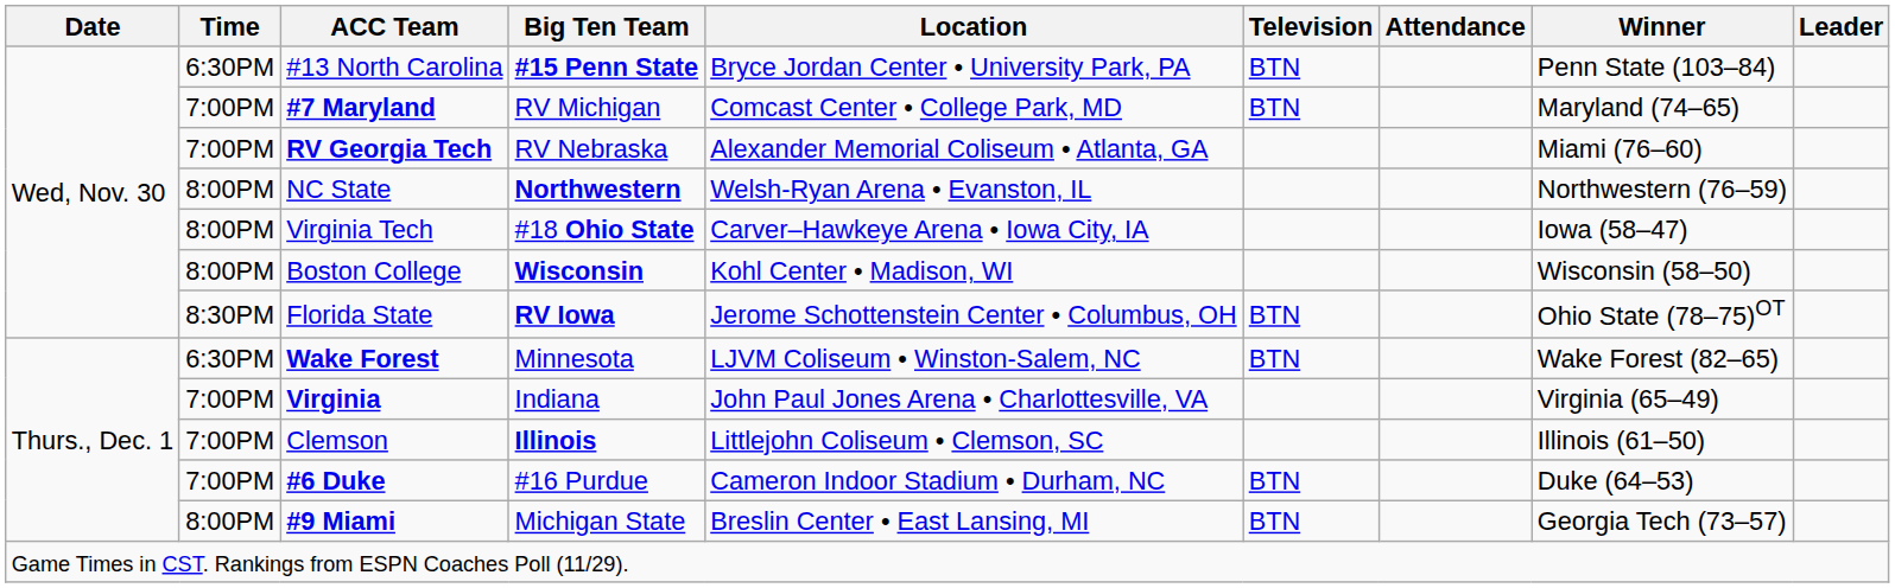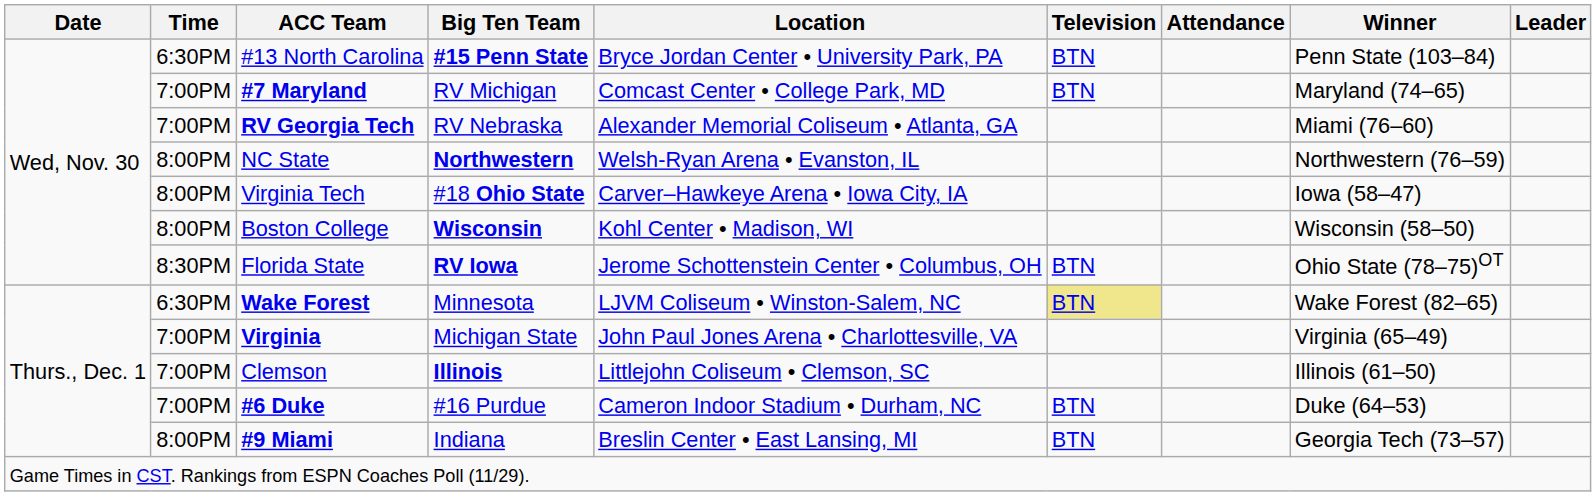 <table class="wikitable" style="font-size: 95%">
 <tr align="center">
 <th>Date</th>
 <th>Time</th>
 <th>ACC Team</th>
 <th>Big Ten Team</th>
 <th>Location</th>
 <th>Television</th>
 <th>Attendance</th>
 <th>Winner</th>
 <th>Leader</th>
 </tr>
 <tr>
 <td rowspan=7>Wed, Nov. 30</td>
 <td>6:30PM</td>
 <td><a href='#'>#13 North Carolina</a></td>
 <td><strong><a href='#'>#15 Penn State</a></strong></td>
 <td><a href='#'>Bryce Jordan Center</a> • <a href='#'>University Park, PA</a></td>
 <td><a href='#'>BTN</a></td>
 <td></td>
 <td>Penn State (103–84)</td>
 <td></td>
 </tr>
 <tr>
 <td>7:00PM</td>
 <td><strong><a href='#'>#7 Maryland</a></strong></td>
 <td><a href='#'>RV Michigan</a></td>
 <td><a href='#'>Comcast Center</a> • <a href='#'>College Park, MD</a></td>
 <td><a href='#'>BTN</a></td>
 <td></td>
 <td>Maryland (74–65)</td>
 <td></td>
 </tr>
 <tr>
 <td>7:00PM</td>
 <td><strong><a href='#'>RV Georgia Tech</a></strong></td>
 <td><a href='#'>RV Nebraska</a></td>
 <td><a href='#'>Alexander Memorial Coliseum</a> • <a href='#'>Atlanta, GA</a></td>
 <td></td>
 <td></td>
 <td>Miami (76–60)</td>
 <td></td>
 </tr>
 <tr>
 <td>8:00PM</td>
 <td><a href='#'>NC State</a></td>
 <td><strong><a href='#'>Northwestern</a></strong></td>
 <td><a href='#'>Welsh-Ryan Arena</a> • <a href='#'>Evanston, IL</a></td>
 <td></td>
 <td></td>
 <td>Northwestern (76–59)</td>
 <td></td>
 </tr>
 <tr>
 <td>8:00PM</td>
 <td><a href='#'>Virginia Tech</a></td>
 <td><a href='#'>#18 <strong>Ohio State</strong></a></td>
 <td><a href='#'>Carver–Hawkeye Arena</a> • <a href='#'>Iowa City, IA</a></td>
 <td></td>
 <td></td>
 <td>Iowa (58–47)</td>
 <td></td>
 </tr>
 <tr>
 <td>8:00PM</td>
 <td><a href='#'>Boston College</a></td>
 <td><strong><a href='#'>Wisconsin</a></strong></td>
 <td><a href='#'>Kohl Center</a> • <a href='#'>Madison, WI</a></td>
 <td></td>
 <td></td>
 <td>Wisconsin (58–50)</td>
 <td></td>
 </tr>
 <tr>
 <td>8:30PM</td>
 <td><a href='#'>Florida State</a></td>
 <td><strong><a href='#'>RV Iowa</a></strong></td>
 <td><a href='#'>Jerome Schottenstein Center</a> • <a href='#'>Columbus, OH</a></td>
 <td><a href='#'>BTN</a></td>
 <td></td>
 <td>Ohio State (78–75)<sup>OT</sup></td>
 <td></td>
 </tr>
 <tr>
 <td rowspan=5>Thurs., Dec. 1</td>
 <td>6:30PM</td>
 <td><a href='#'><strong>Wake Forest</strong></a></td>
 <td><a href='#'>Minnesota</a></td>
 <td><a href='#'>LJVM Coliseum</a> • <a href='#'>Winston-Salem, NC</a></td>
-<td><a href='#'>BTN</a></td>
+<td style="background: khaki;"><a href='#'>BTN</a></td>
 <td></td>
 <td>Wake Forest (82–65)</td>
 <td></td>
 </tr>
 <tr>
 <td>7:00PM</td>
 <td><a href='#'><strong>Virginia</strong></a></td>
-<td><a href='#'>Indiana</a></td>
+<td><a href='#'>Michigan State</a></td>
 <td><a href='#'>John Paul Jones Arena</a> • <a href='#'>Charlottesville, VA</a></td>
 <td></td>
 <td></td>
 <td>Virginia (65–49)</td>
 <td></td>
 </tr>
 <tr>
 <td>7:00PM</td>
 <td><a href='#'>Clemson</a></td>
 <td><a href='#'><strong>Illinois</strong></a></td>
 <td><a href='#'>Littlejohn Coliseum</a> • <a href='#'>Clemson, SC</a></td>
 <td></td>
 <td></td>
 <td>Illinois (61–50)</td>
 <td></td>
 </tr>
 <tr>
 <td>7:00PM</td>
 <td><a href='#'><strong>#6 Duke</strong></a></td>
 <td><a href='#'>#16 Purdue</a></td>
 <td><a href='#'>Cameron Indoor Stadium</a> • <a href='#'>Durham, NC</a></td>
 <td><a href='#'>BTN</a></td>
 <td></td>
 <td>Duke (64–53)</td>
 <td></td>
 </tr>
 <tr>
 <td>8:00PM</td>
 <td><a href='#'><strong>#9 Miami</strong></a></td>
-<td><a href='#'>Michigan State</a></td>
+<td><a href='#'>Indiana</a></td>
 <td><a href='#'>Breslin Center</a> • <a href='#'>East Lansing, MI</a></td>
 <td><a href='#'>BTN</a></td>
 <td></td>
 <td>Georgia Tech (73–57)</td>
 <td></td>
 </tr>
 <tr>
 <td colspan=9><small>Game Times in <a href='#'>CST</a>. Rankings from ESPN Coaches Poll (11/29).</small></td>
 </tr>
 </table>
